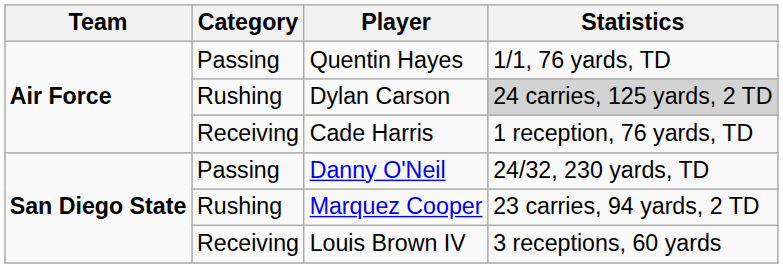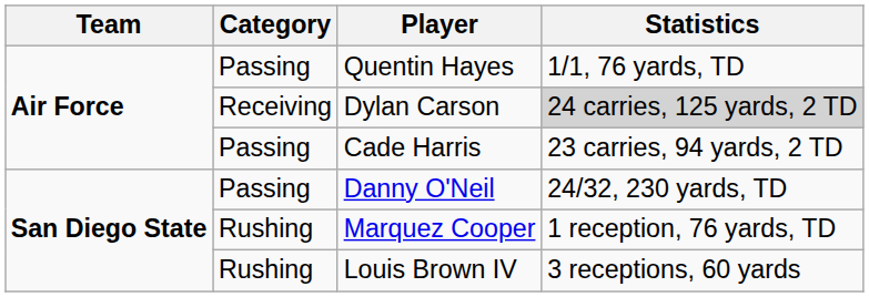 <table class="wikitable" style="float: right;">
 <tr>
 <th>Team</th>
 <th>Category</th>
 <th>Player</th>
 <th>Statistics</th>
 </tr>
 <tr>
 <td rowspan=3><strong>Air Force</strong></td>
 <td>Passing</td>
 <td>Quentin Hayes</td>
 <td>1/1, 76 yards, TD</td>
 </tr>
 <tr>
-<td>Rushing</td>
+<td>Receiving</td>
 <td>Dylan Carson</td>
 <td style="background: lightgrey;">24 carries, 125 yards, 2 TD</td>
 </tr>
 <tr>
-<td>Receiving</td>
+<td>Passing</td>
 <td>Cade Harris</td>
-<td>1 reception, 76 yards, TD</td>
+<td>23 carries, 94 yards, 2 TD</td>
 </tr>
 <tr>
 <td rowspan=3><strong>San Diego State</strong></td>
 <td>Passing</td>
 <td><a href='#'>Danny O'Neil</a></td>
 <td>24/32, 230 yards, TD</td>
 </tr>
 <tr>
 <td>Rushing</td>
 <td><a href='#'>Marquez Cooper</a></td>
-<td>23 carries, 94 yards, 2 TD</td>
+<td>1 reception, 76 yards, TD</td>
 </tr>
 <tr>
-<td>Receiving</td>
+<td>Rushing</td>
 <td>Louis Brown IV</td>
 <td>3 receptions, 60 yards</td>
 </tr>
 </table>
